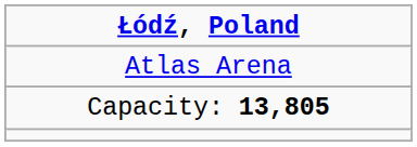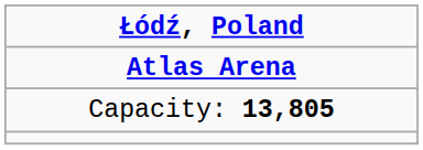 <table class=wikitable style=text-align:center width=210>
 <tr>
 <td><strong> <a href='#'>Łódź</a>, <a href='#'>Poland</a></strong></td>
 </tr>
 <tr>
-<td><a href='#'>Atlas Arena</a></td>
+<td><strong><a href='#'>Atlas Arena</a></strong></td>
 </tr>
 <tr>
 <td>Capacity: <strong>13,805</strong></td>
 </tr>
 <tr>
 <td></td>
 </tr>
 </table>
